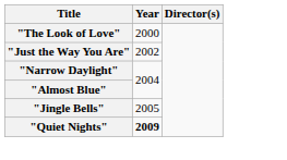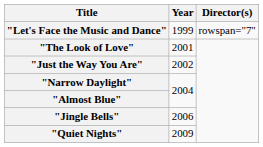 <table class="wikitable plainrowheaders" style="text-align:center">
 <tr>
 <th scope="col">Title</th>
 <th scope="col">Year</th>
 <th scope="col">Director(s)</th>
 </tr>
 <tr>
+<th scope="row">"Let's Face the Music and Dance"</th>
+<td>1999</td>
+<td>rowspan="7" </td>
+</tr>
+<tr>
 <th scope="row">"The Look of Love"</th>
-<td>2000</td>
+<td>2001</td>
 </tr>
 <tr>
 <th scope="row">"Just the Way You Are"</th>
 <td>2002</td>
 </tr>
 <tr>
 <th scope="row">"Narrow Daylight"</th>
 <td rowspan="2">2004</td>
 </tr>
 <tr>
 <th scope="row">"Almost Blue"</th>
 </tr>
 <tr>
 <th scope="row">"Jingle Bells"</th>
-<td>2005</td>
+<td>2006</td>
 </tr>
 <tr>
 <th scope="row">"Quiet Nights"</th>
-<td><strong>2009</strong></td>
+<td>2009</td>
 </tr>
 </table>
